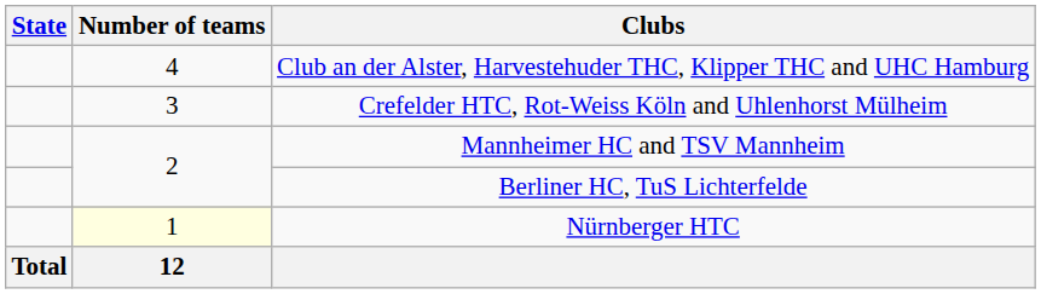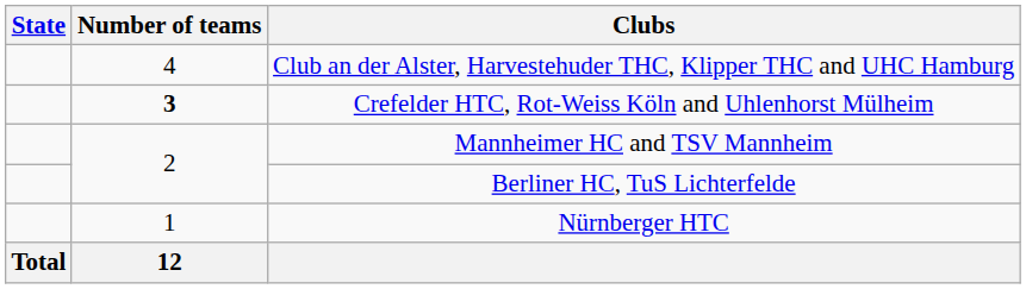 <table class="wikitable">
 <tr>
 <th><a href='#'>State</a></th>
 <th>Number of teams</th>
 <th>Clubs</th>
 </tr>
 <tr>
 <td></td>
 <td align=center>4</td>
 <td align=center><a href='#'>Club an der Alster</a>, <a href='#'>Harvestehuder THC</a>, <a href='#'>Klipper THC</a> and <a href='#'>UHC Hamburg</a></td>
 </tr>
 <tr>
 <td></td>
-<td align=center>3</td>
+<td align=center><strong>3</strong></td>
 <td align=center><a href='#'>Crefelder HTC</a>, <a href='#'>Rot-Weiss Köln</a> and <a href='#'>Uhlenhorst Mülheim</a></td>
 </tr>
 <tr>
 <td></td>
 <td align=center rowspan=2>2</td>
 <td align=center><a href='#'>Mannheimer HC</a> and <a href='#'>TSV Mannheim</a></td>
 </tr>
 <tr>
 <td></td>
 <td align=center><a href='#'>Berliner HC</a>, <a href='#'>TuS Lichterfelde</a></td>
 </tr>
 <tr>
 <td></td>
-<td align=center style="background: lightyellow;">1</td>
+<td align=center>1</td>
 <td align=center><a href='#'>Nürnberger HTC</a></td>
 </tr>
 <tr>
 <th>Total</th>
 <th>12</th>
 <th></th>
 </tr>
 </table>
